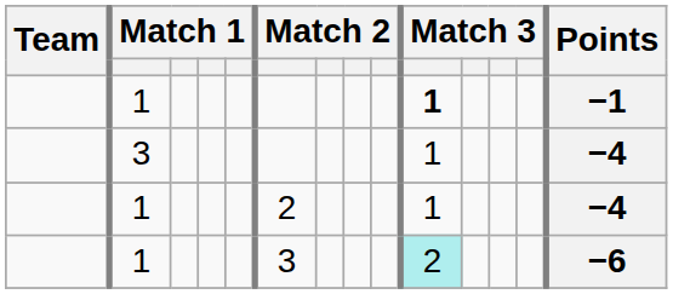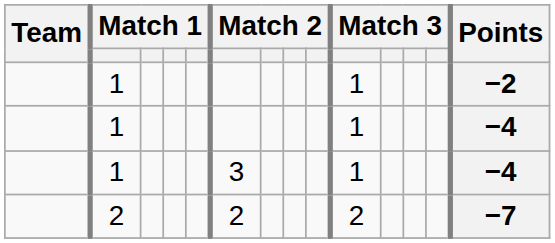 <table class="wikitable sortable" style="text-align:center;">
 <tr>
 <th rowspan=2>Team</th>
 <th colspan=4 style="border-left:3px solid gray">Match 1</th>
 <th colspan=4 style="border-left:3px solid gray">Match 2</th>
 <th colspan=4 style="border-left:3px solid gray">Match 3</th>
 <th rowspan=2 style="border-left:3px solid gray">Points</th>
 </tr>
 <tr>
 <th style="border-left:3px solid gray"></th>
 <th></th>
 <th></th>
 <th></th>
 <th style="border-left:3px solid gray"></th>
 <th></th>
 <th></th>
 <th></th>
 <th style="border-left:3px solid gray"></th>
 <th></th>
 <th></th>
 <th></th>
 </tr>
 <tr>
 <td align=left></td>
 <td style="border-left:3px solid gray">1</td>
 <td></td>
 <td></td>
 <td></td>
 <td style="border-left:3px solid gray"></td>
 <td></td>
 <td></td>
 <td></td>
-<td style="border-left:3px solid gray"><strong>1</strong></td>
+<td style="border-left:3px solid gray">1</td>
 <td></td>
 <td></td>
 <td></td>
-<th style="border-left:3px solid gray">−1</th>
+<th style="border-left:3px solid gray">−2</th>
 </tr>
 <tr>
 <td align=left></td>
-<td style="border-left:3px solid gray">3</td>
+<td style="border-left:3px solid gray">1</td>
 <td></td>
 <td></td>
 <td></td>
 <td style="border-left:3px solid gray"></td>
 <td></td>
 <td></td>
 <td></td>
 <td style="border-left:3px solid gray">1</td>
 <td></td>
 <td></td>
 <td></td>
 <th style="border-left:3px solid gray">−4</th>
 </tr>
 <tr>
 <td align=left></td>
 <td style="border-left:3px solid gray">1</td>
 <td></td>
 <td></td>
 <td></td>
-<td style="border-left:3px solid gray">2</td>
+<td style="border-left:3px solid gray">3</td>
 <td></td>
 <td></td>
 <td></td>
 <td style="border-left:3px solid gray">1</td>
 <td></td>
 <td></td>
 <td></td>
 <th style="border-left:3px solid gray">−4</th>
 </tr>
 <tr>
 <td align=left></td>
-<td style="border-left:3px solid gray">1</td>
+<td style="border-left:3px solid gray">2</td>
 <td></td>
 <td></td>
 <td></td>
-<td style="border-left:3px solid gray">3</td>
+<td style="border-left:3px solid gray">2</td>
 <td></td>
 <td></td>
 <td></td>
-<td style="background: paleturquoise; border-left:3px solid gray">2</td>
+<td style="border-left:3px solid gray">2</td>
 <td></td>
 <td></td>
 <td></td>
-<th style="border-left:3px solid gray">−6</th>
+<th style="border-left:3px solid gray">−7</th>
 </tr>
 </table>
